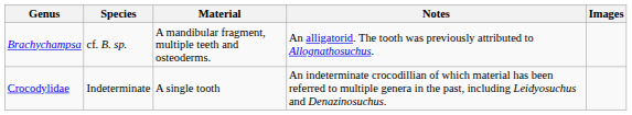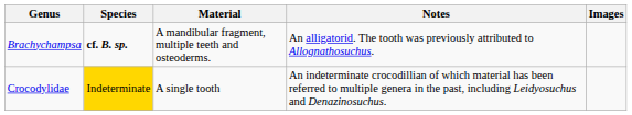 <table class="wikitable sortable">
 <tr>
 <th>Genus</th>
 <th>Species</th>
 <th>Material</th>
 <th>Notes</th>
 <th>Images</th>
 </tr>
 <tr>
 <td><em><a href='#'>Brachychampsa</a></em></td>
-<td>cf. <em>B. sp.</em></td>
+<td><strong>cf. <em>B. sp.</em></strong></td>
 <td>A mandibular fragment, multiple teeth and osteoderms.</td>
 <td>An <a href='#'>alligatorid</a>. The tooth was previously attributed to <em><a href='#'>Allognathosuchus</a></em>.</td>
 <td></td>
 </tr>
 <tr>
 <td><a href='#'>Crocodylidae</a></td>
-<td>Indeterminate</td>
+<td style="background: gold;">Indeterminate</td>
 <td>A single tooth</td>
 <td>An indeterminate crocodillian of which material has been referred to multiple genera in the past, including <em>Leidyosuchus</em> and <em>Denazinosuchus</em>.</td>
 </tr>
 </table>
